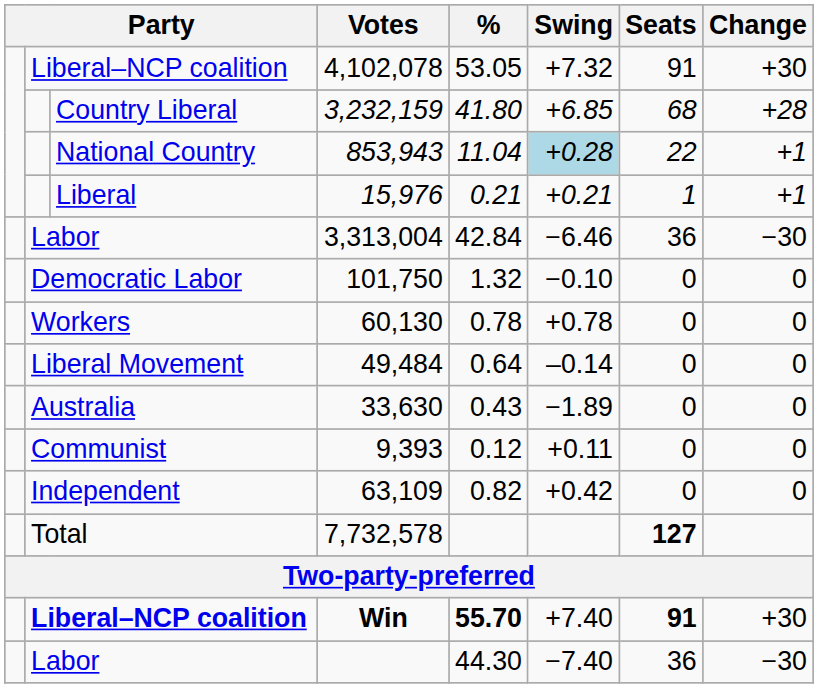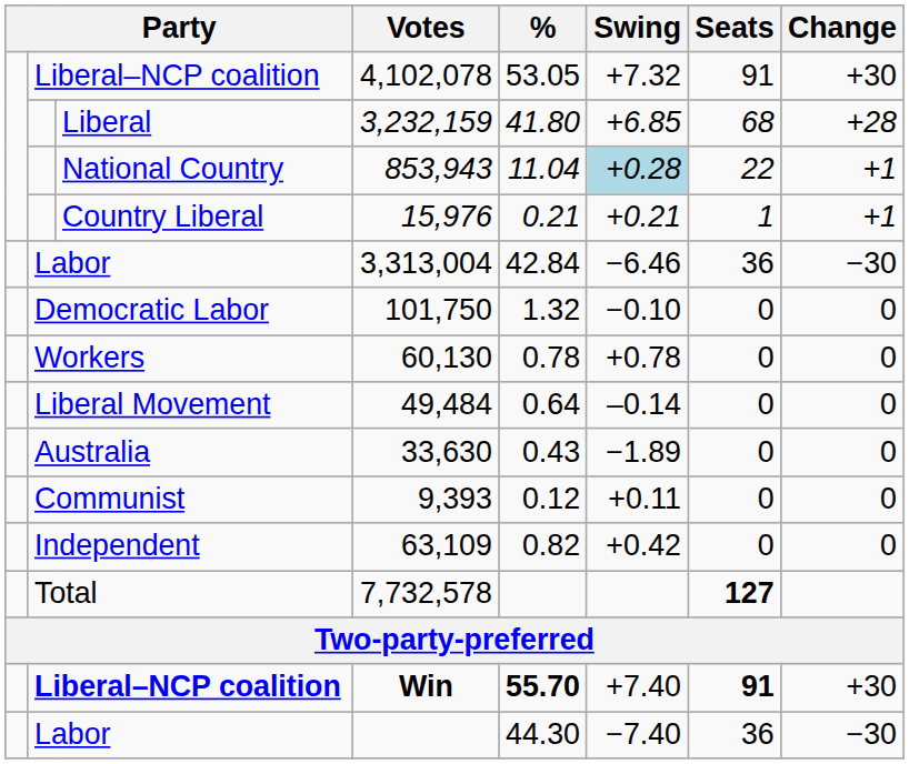 <table class="wikitable">
 <tr>
 <th colspan=3 style="width:180px">Party</th>
 <th style="width:70px">Votes</th>
 <th style="width:40px">%</th>
 <th style="width:40px">Swing</th>
 <th style="width:40px">Seats</th>
 <th style="width:40px">Change</th>
 </tr>
 <tr>
 <td rowspan=4> </td>
 <td colspan=2><a href='#'>Liberal–NCP coalition</a></td>
 <td align=right>4,102,078</td>
 <td align=right>53.05</td>
 <td align=right>+7.32</td>
 <td align=right>91</td>
 <td align=right>+30</td>
 </tr>
 <tr>
 <td> </td>
-<td><a href='#'>Country Liberal</a></td>
+<td><a href='#'>Liberal</a></td>
 <td align=right><em>3,232,159</em></td>
 <td align=right><em>41.80</em></td>
 <td align=right><em>+6.85</em></td>
 <td align=right><em>68</em></td>
 <td align=right><em>+28</em></td>
 </tr>
 <tr>
 <td> </td>
 <td><a href='#'>National Country</a></td>
 <td align=right><em>853,943</em></td>
 <td align=right><em>11.04</em></td>
 <td align=right style="background: lightblue;"><em>+0.28</em></td>
 <td align=right><em>22</em></td>
 <td align=right><em>+1</em></td>
 </tr>
 <tr>
 <td> </td>
-<td><a href='#'>Liberal</a></td>
+<td><a href='#'>Country Liberal</a></td>
 <td align=right><em>15,976</em></td>
 <td align=right><em>0.21</em></td>
 <td align=right><em>+0.21</em></td>
 <td align=right><em>1</em></td>
 <td align=right><em>+1</em></td>
 </tr>
 <tr>
 <td> </td>
 <td colspan=2><a href='#'>Labor</a></td>
 <td align=right>3,313,004</td>
 <td align=right>42.84</td>
 <td align=right>−6.46</td>
 <td align=right>36</td>
 <td align=right>−30</td>
 </tr>
 <tr>
 <td> </td>
 <td colspan=2><a href='#'>Democratic Labor</a></td>
 <td align=right>101,750</td>
 <td align=right>1.32</td>
 <td align=right>−0.10</td>
 <td align=right>0</td>
 <td align=right>0</td>
 </tr>
 <tr>
 <td> </td>
 <td colspan=2><a href='#'>Workers</a></td>
 <td align=right>60,130</td>
 <td align=right>0.78</td>
 <td align=right>+0.78</td>
 <td align=right>0</td>
 <td align=right>0</td>
 </tr>
 <tr>
 <td> </td>
 <td colspan=2><a href='#'>Liberal Movement</a></td>
 <td align=right>49,484</td>
 <td align=right>0.64</td>
 <td align=right>–0.14</td>
 <td align=right>0</td>
 <td align=right>0</td>
 </tr>
 <tr>
 <td> </td>
 <td colspan=2><a href='#'>Australia</a></td>
 <td align=right>33,630</td>
 <td align=right>0.43</td>
 <td align=right>−1.89</td>
 <td align=right>0</td>
 <td align=right>0</td>
 </tr>
 <tr>
 <td> </td>
 <td colspan=2><a href='#'>Communist</a></td>
 <td align=right>9,393</td>
 <td align=right>0.12</td>
 <td align=right>+0.11</td>
 <td align=right>0</td>
 <td align=right>0</td>
 </tr>
 <tr>
 <td> </td>
 <td colspan=2><a href='#'>Independent</a></td>
 <td align=right>63,109</td>
 <td align=right>0.82</td>
 <td align=right>+0.42</td>
 <td align=right>0</td>
 <td align=right>0</td>
 </tr>
 <tr>
 <td> </td>
 <td colspan=2>Total</td>
 <td align=right>7,732,578</td>
 <td align=right> </td>
 <td align=right> </td>
 <td align=right><strong>127</strong></td>
 <td align=right> </td>
 </tr>
 <tr>
 <th colspan=8 align=center><a href='#'>Two-party-preferred</a> </th>
 </tr>
 <tr>
 <td> </td>
 <td colspan=2><strong><a href='#'>Liberal–NCP coalition</a></strong></td>
 <td align=center><strong>Win</strong></td>
 <td align=right><strong>55.70</strong></td>
 <td align=right>+7.40</td>
 <td align=right><strong>91</strong></td>
 <td align=right>+30</td>
 </tr>
 <tr>
 <td> </td>
 <td colspan=2><a href='#'>Labor</a></td>
 <td align=right> </td>
 <td align=right>44.30</td>
 <td align=right>−7.40</td>
 <td align=right>36</td>
 <td align=right>−30</td>
 </tr>
 </table>
